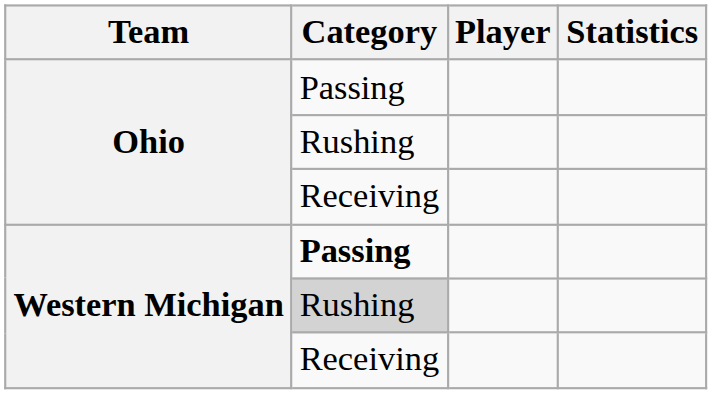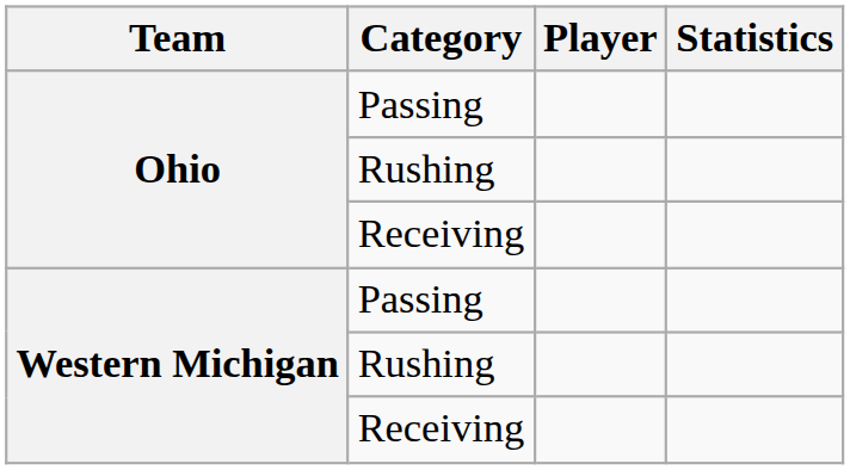 <table class="wikitable" style="float:right">
 <tr>
 <th>Team</th>
 <th>Category</th>
 <th>Player</th>
 <th>Statistics</th>
 </tr>
 <tr>
 <th rowspan=3>Ohio</th>
 <td>Passing</td>
 <td></td>
 <td></td>
 </tr>
 <tr>
 <td>Rushing</td>
 <td></td>
 <td></td>
 </tr>
 <tr>
 <td>Receiving</td>
 <td></td>
 <td></td>
 </tr>
 <tr>
 <th rowspan=3>Western Michigan</th>
-<td><strong>Passing</strong></td>
+<td>Passing</td>
 <td></td>
 <td></td>
 </tr>
 <tr>
-<td style="background: lightgrey;">Rushing</td>
+<td>Rushing</td>
 <td></td>
 <td></td>
 </tr>
 <tr>
 <td>Receiving</td>
 <td></td>
 <td></td>
 </tr>
 </table>
